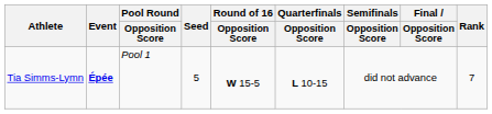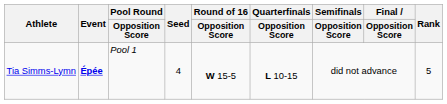 <table class=wikitable style="font-size:90%">
 <tr>
 <th rowspan="2">Athlete</th>
 <th rowspan="2">Event</th>
 <th>Pool Round</th>
 <th rowspan="2">Seed</th>
 <th>Round of 16</th>
 <th>Quarterfinals</th>
 <th>Semifinals</th>
 <th>Final / </th>
 <th rowspan=2>Rank</th>
 </tr>
 <tr style="font-size:95%">
 <th>Opposition<br>Score</th>
 <th>Opposition<br>Score</th>
 <th>Opposition<br>Score</th>
 <th>Opposition<br>Score</th>
 <th>Opposition<br>Score</th>
 </tr>
 <tr align=center>
 <td align=left><a href='#'>Tia Simms-Lymn</a></td>
 <td align=left><strong><a href='#'>Épée</a></strong></td>
 <td align=left><em>Pool 1</em><br><br> <br> <br> <br></td>
-<td>5</td>
+<td>4</td>
 <td><br><strong>W</strong> 15-5</td>
 <td><br><strong>L</strong> 10-15</td>
 <td colspan=2>did not advance</td>
-<td>7</td>
+<td>5</td>
 </tr>
 </table>
